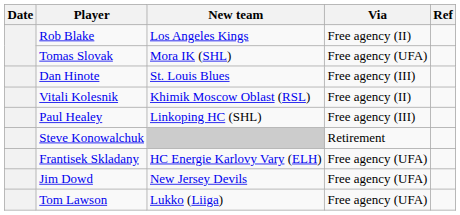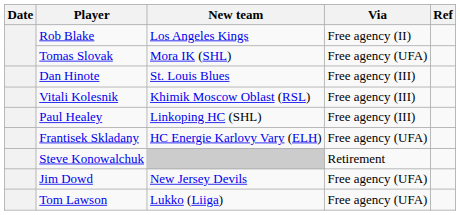 <table class="wikitable plainrowheaders">
 <tr style="background:#ddd; text-align:center;">
 <th>Date</th>
 <th>Player</th>
 <th>New team</th>
 <th>Via</th>
 <th>Ref</th>
 </tr>
 <tr>
 <th scope="row" rowspan=2></th>
 <td><a href='#'>Rob Blake</a></td>
 <td><a href='#'>Los Angeles Kings</a></td>
 <td>Free agency (II)</td>
 <td></td>
 </tr>
 <tr>
 <td><a href='#'>Tomas Slovak</a></td>
 <td><a href='#'>Mora IK</a> (<a href='#'>SHL</a>)</td>
 <td>Free agency (UFA)</td>
 <td></td>
 </tr>
 <tr>
 <th scope="row"></th>
 <td><a href='#'>Dan Hinote</a></td>
 <td><a href='#'>St. Louis Blues</a></td>
 <td>Free agency (III)</td>
 <td></td>
 </tr>
 <tr>
 <th scope="row"></th>
 <td><a href='#'>Vitali Kolesnik</a></td>
 <td><a href='#'>Khimik Moscow Oblast</a> (<a href='#'>RSL</a>)</td>
-<td>Free agency (II)</td>
+<td>Free agency (III)</td>
 <td></td>
 </tr>
 <tr>
 <th scope="row"></th>
 <td><a href='#'>Paul Healey</a></td>
 <td><a href='#'>Linkoping HC</a> (SHL)</td>
 <td>Free agency (III)</td>
 <td></td>
 </tr>
 <tr>
 <th scope="row"></th>
-<td><a href='#'>Steve Konowalchuk</a></td>
-<td style="background:#ccc"></td>
-<td>Retirement</td>
+<td><a href='#'>Frantisek Skladany</a></td>
+<td><a href='#'>HC Energie Karlovy Vary</a> (<a href='#'>ELH</a>)</td>
+<td>Free agency (UFA)</td>
 <td></td>
 </tr>
 <tr>
 <th scope="row"></th>
-<td><a href='#'>Frantisek Skladany</a></td>
-<td><a href='#'>HC Energie Karlovy Vary</a> (<a href='#'>ELH</a>)</td>
-<td>Free agency (UFA)</td>
+<td><a href='#'>Steve Konowalchuk</a></td>
+<td style="background:#ccc"></td>
+<td>Retirement</td>
 <td></td>
 </tr>
 <tr>
 <th scope="row"></th>
 <td><a href='#'>Jim Dowd</a></td>
 <td><a href='#'>New Jersey Devils</a></td>
 <td>Free agency (UFA)</td>
 <td></td>
 </tr>
 <tr>
 <th scope="row"></th>
 <td><a href='#'>Tom Lawson</a></td>
 <td><a href='#'>Lukko</a> (<a href='#'>Liiga</a>)</td>
 <td>Free agency (UFA)</td>
 <td></td>
 </tr>
 </table>
